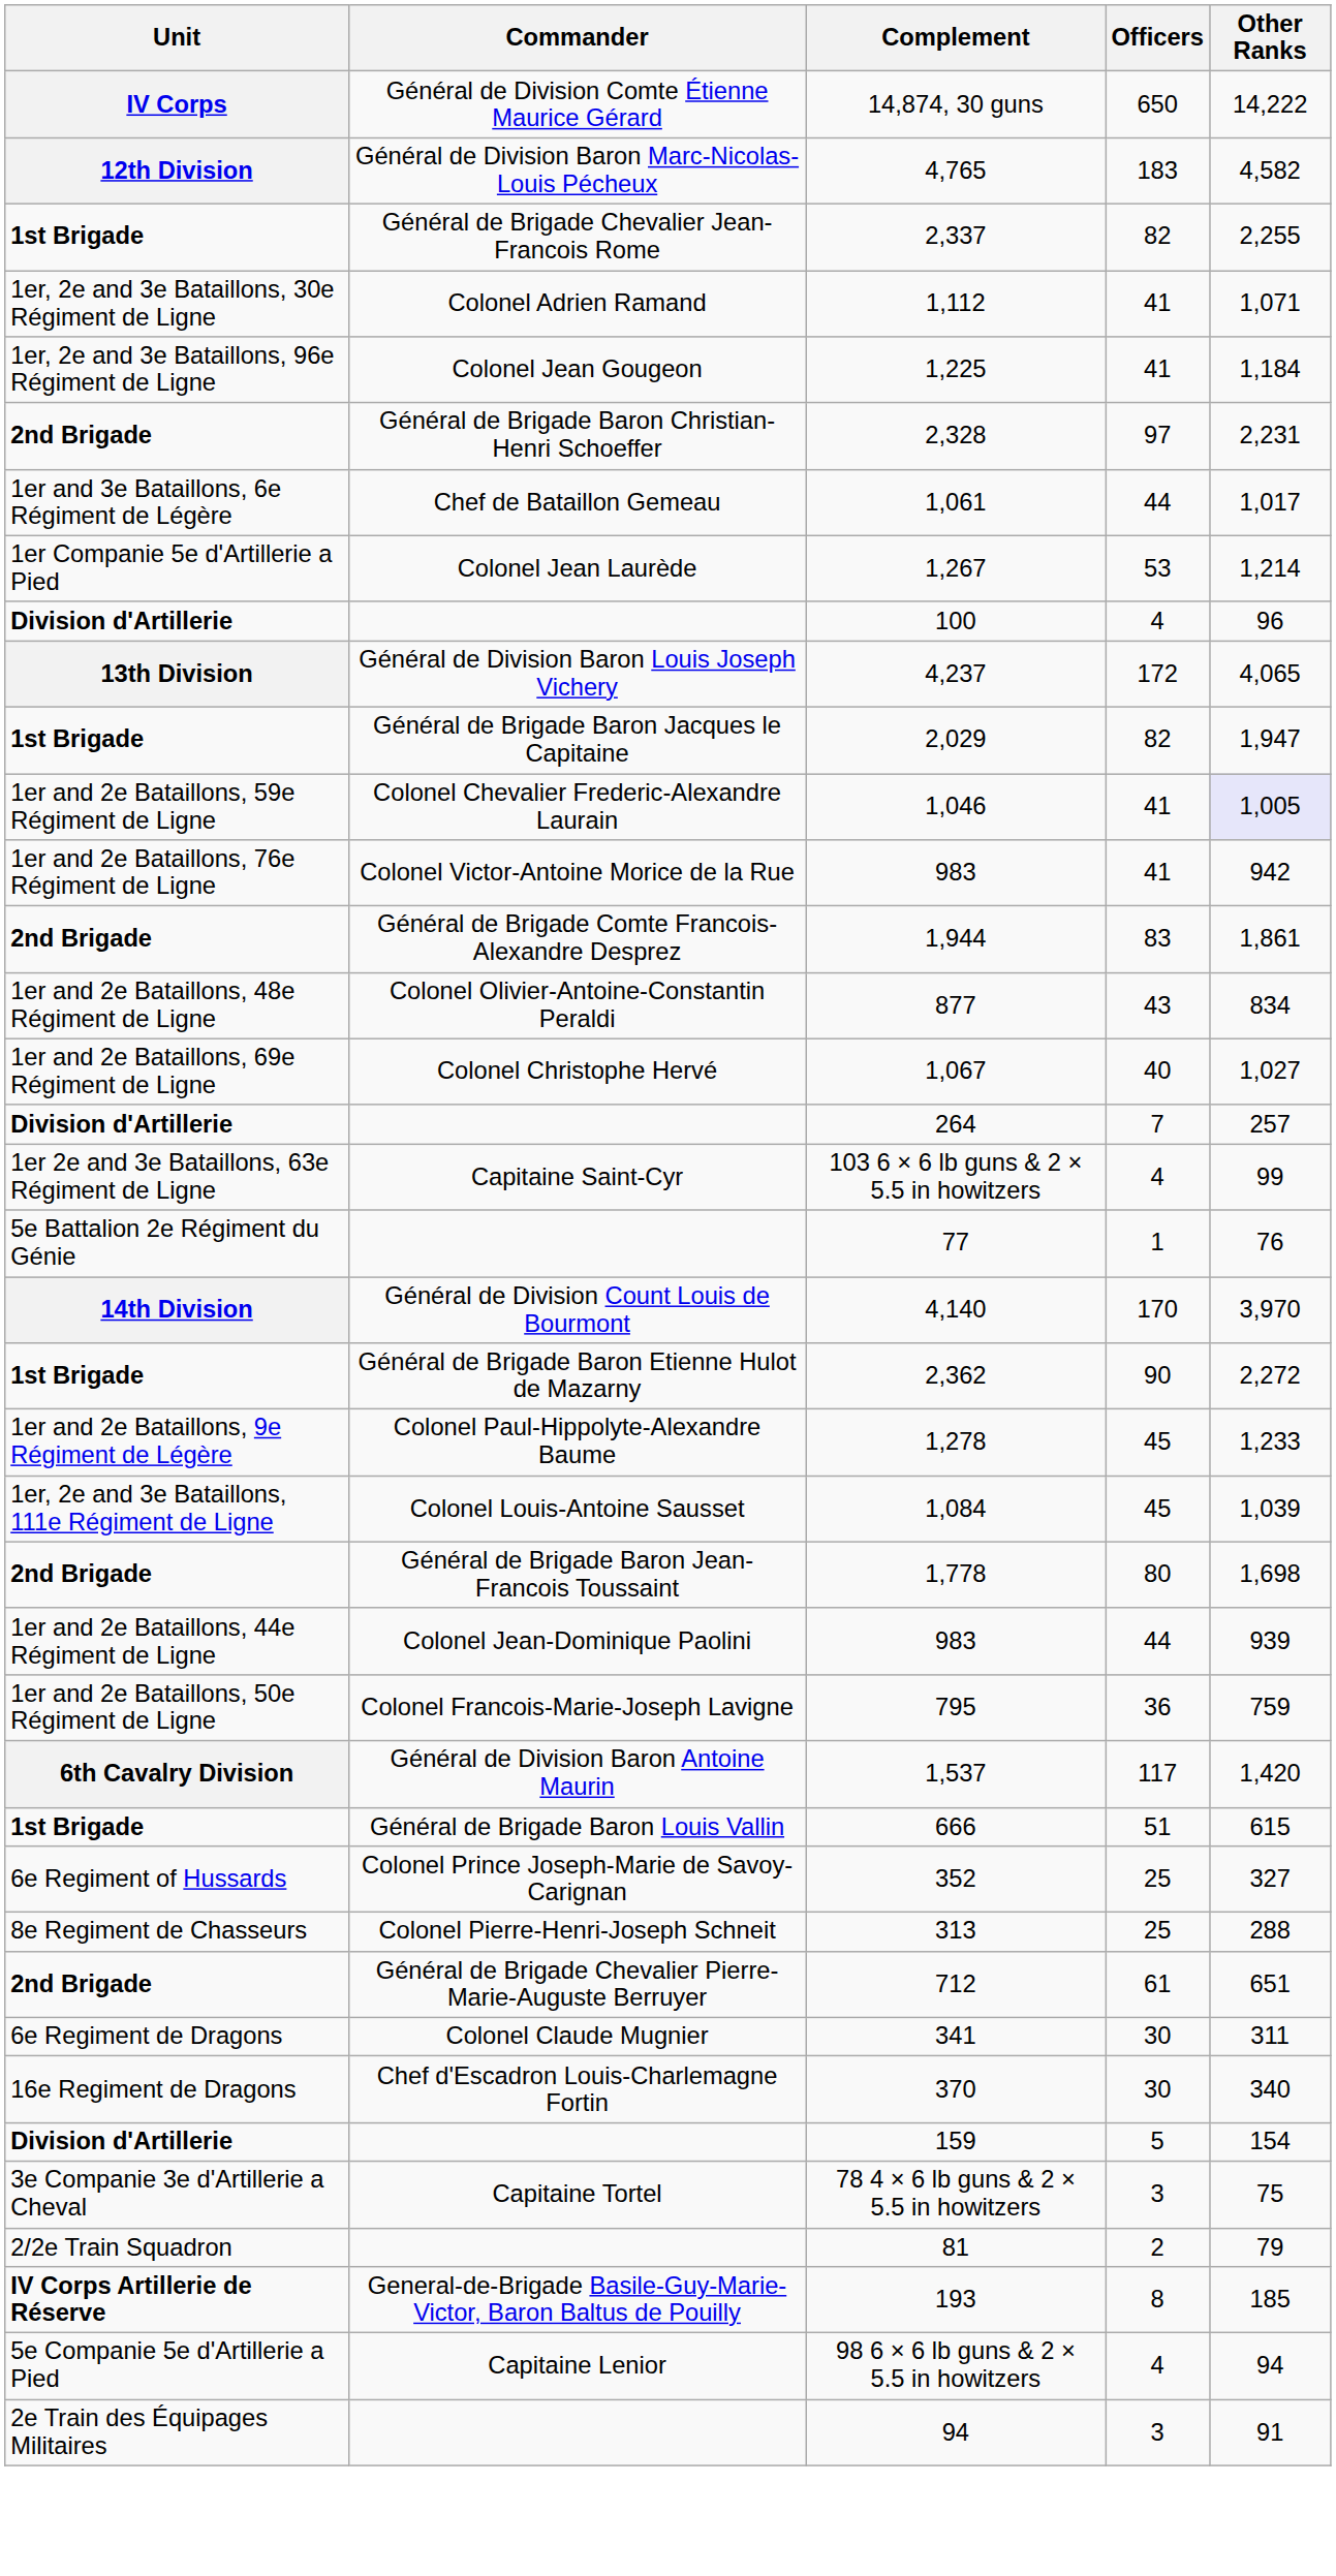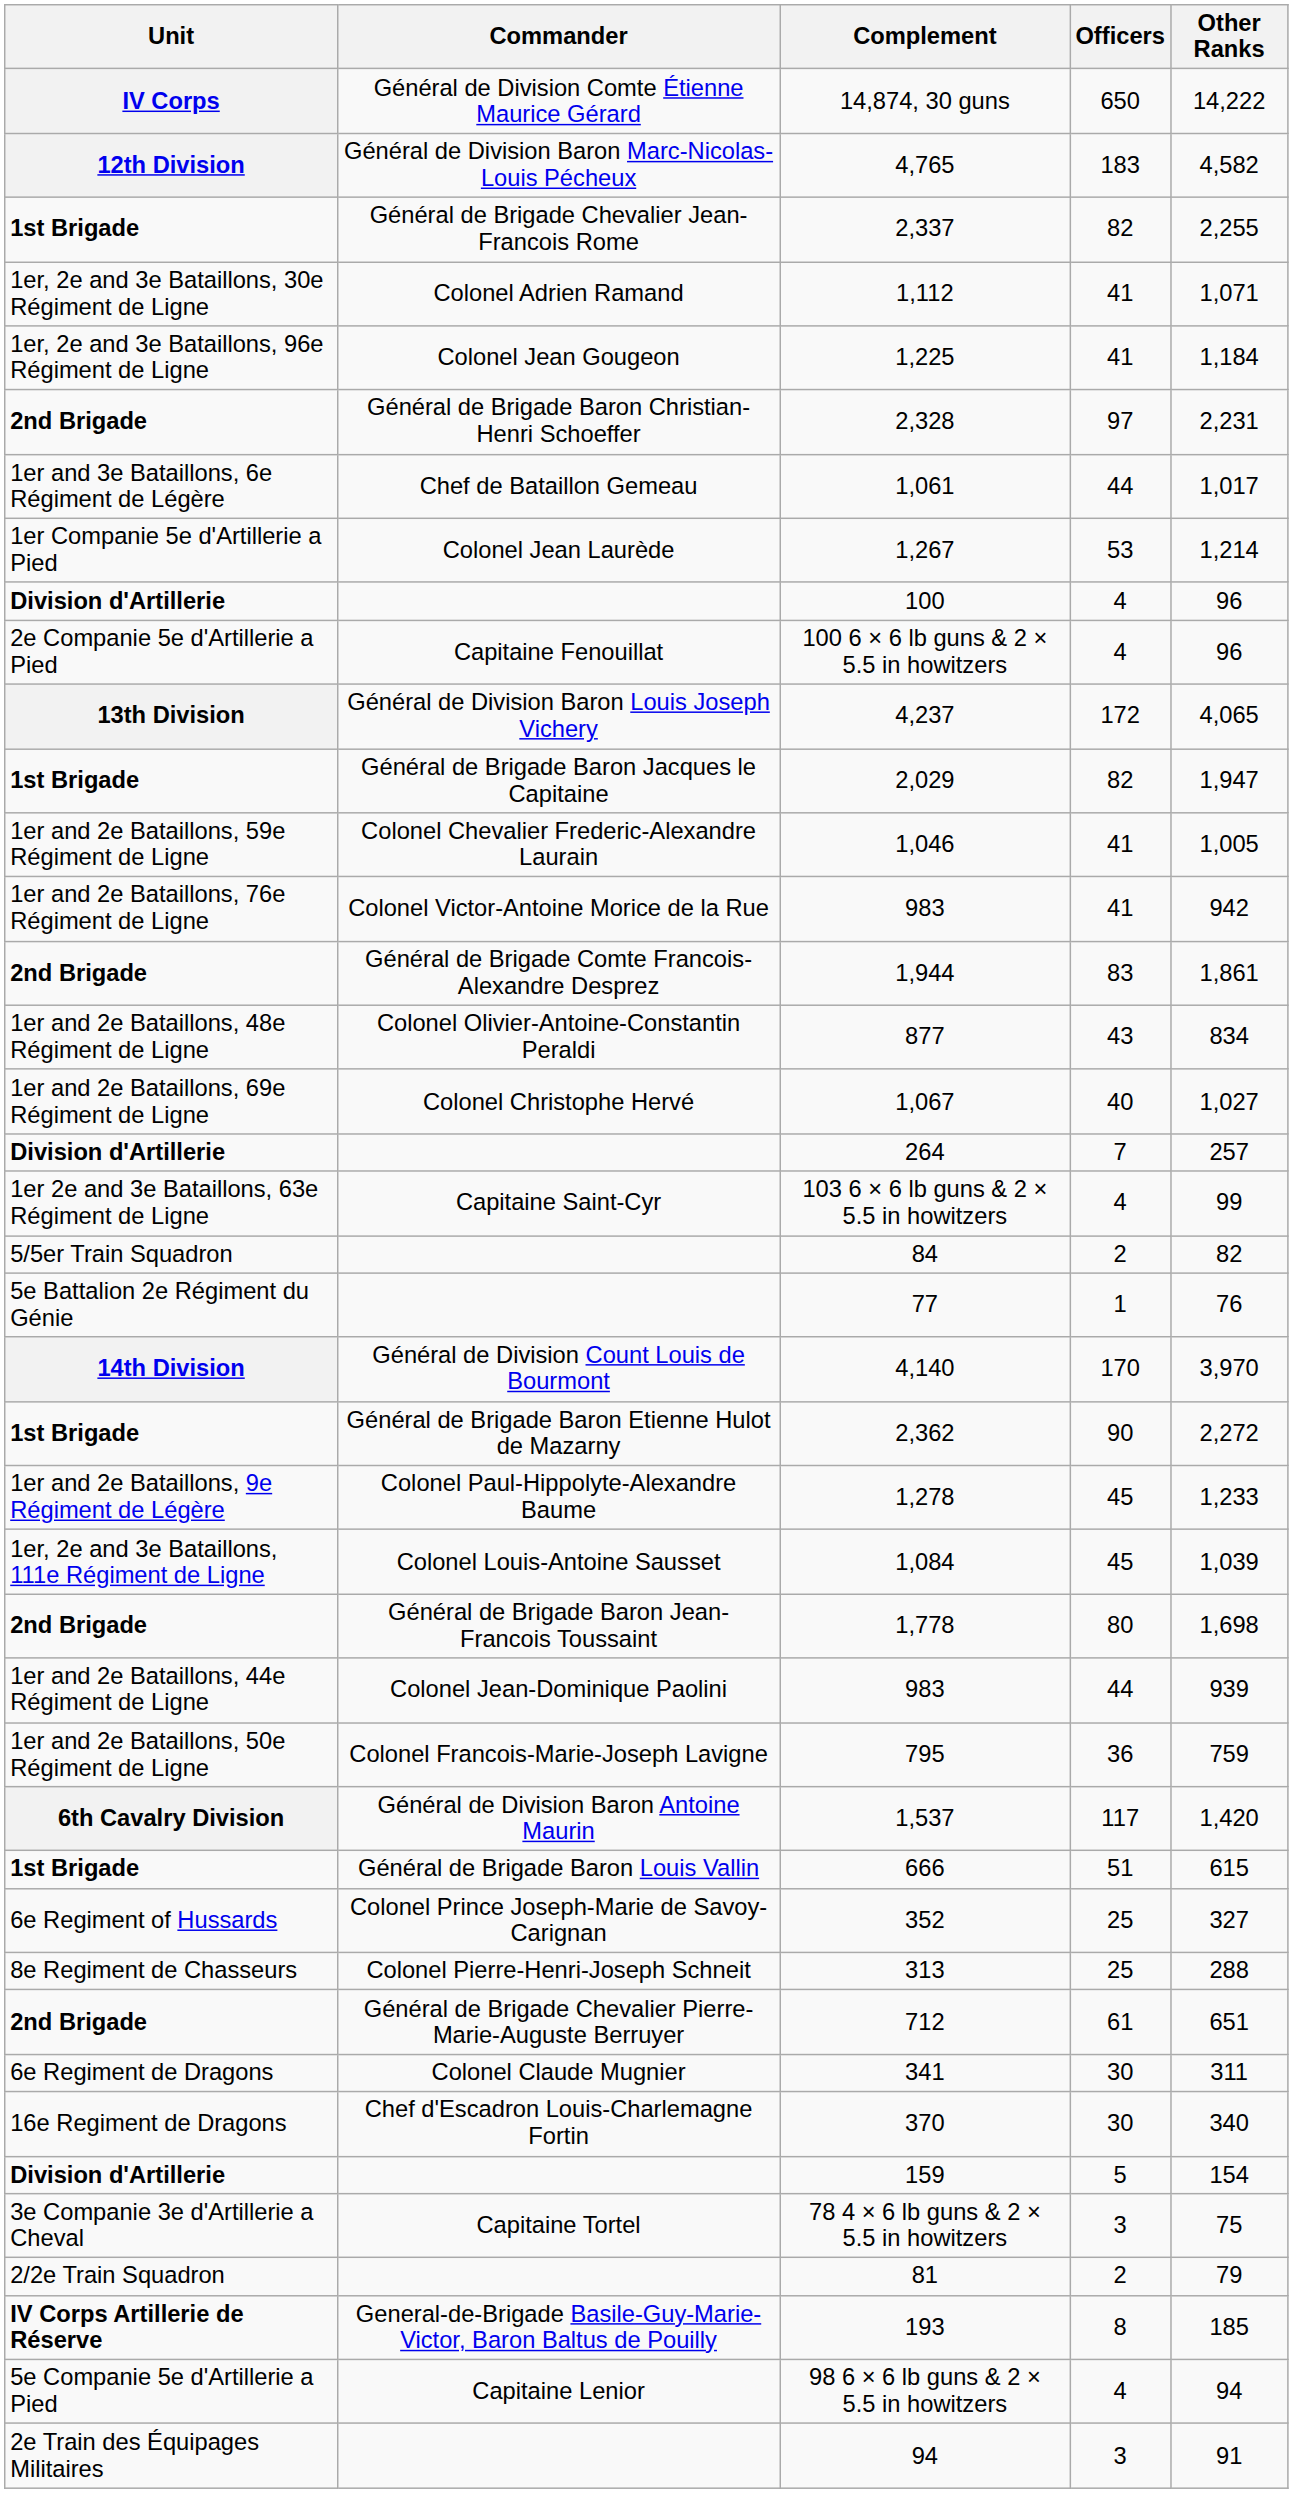 <table class="wikitable">
 <tr>
 <th>Unit</th>
 <th>Commander</th>
 <th>Complement</th>
 <th>Officers</th>
 <th>Other Ranks</th>
 </tr>
 <tr>
 <th colspan="1" bgcolor="#f9f9f9;"><a href='#'>IV Corps</a></th>
 <td align="center">Général de Division Comte <a href='#'>Étienne Maurice Gérard</a></td>
 <td align="center">14,874, 30 guns</td>
 <td align="center">650</td>
 <td align="center">14,222</td>
 </tr>
 <tr>
 <th colspan="1" bgcolor="#f9f9f9;"><a href='#'>12th Division</a></th>
 <td align="center">Général de Division Baron <a href='#'>Marc-Nicolas-Louis Pécheux</a></td>
 <td align="center">4,765</td>
 <td align="center">183</td>
 <td align="center">4,582</td>
 </tr>
 <tr>
 <td><strong>1st Brigade</strong></td>
 <td align="center">Général de Brigade Chevalier Jean-Francois Rome</td>
 <td align="center">2,337</td>
 <td align="center">82</td>
 <td align="center">2,255</td>
 </tr>
 <tr>
 <td>1er, 2e and 3e Bataillons, 30e Régiment de Ligne</td>
 <td align="center">Colonel Adrien Ramand</td>
 <td align="center">1,112</td>
 <td align="center">41</td>
 <td align="center">1,071</td>
 </tr>
 <tr>
 <td>1er, 2e and 3e Bataillons, 96e Régiment de Ligne</td>
 <td align="center">Colonel Jean Gougeon</td>
 <td align="center">1,225</td>
 <td align="center">41</td>
 <td align="center">1,184</td>
 </tr>
 <tr>
 <td><strong>2nd Brigade</strong></td>
 <td align="center">Général de Brigade Baron Christian-Henri Schoeffer</td>
 <td align="center">2,328</td>
 <td align="center">97</td>
 <td align="center">2,231</td>
 </tr>
 <tr>
 <td>1er and 3e Bataillons, 6e Régiment de Légère</td>
 <td align="center">Chef de Bataillon Gemeau</td>
 <td align="center">1,061</td>
 <td align="center">44</td>
 <td align="center">1,017</td>
 </tr>
 <tr>
 <td>1er Companie 5e d'Artillerie a Pied</td>
 <td align="center">Colonel Jean Laurède</td>
 <td align="center">1,267</td>
 <td align="center">53</td>
 <td align="center">1,214</td>
 </tr>
 <tr>
 <td><strong>Division d'Artillerie</strong></td>
 <td align="center"></td>
 <td align="center">100</td>
 <td align="center">4</td>
 <td align="center">96</td>
 </tr>
 <tr>
+<td>2e Companie 5e d'Artillerie a Pied</td>
+<td align="center">Capitaine Fenouillat</td>
+<td align="center">100 6 × 6 lb guns & 2 × 5.5 in howitzers</td>
+<td align="center">4</td>
+<td align="center">96</td>
+</tr>
+<tr>
 <th colspan="1" bgcolor="#f9f9f9;">13th Division</th>
 <td align="center">Général de Division Baron <a href='#'>Louis Joseph Vichery</a></td>
 <td align="center">4,237</td>
 <td align="center">172</td>
 <td align="center">4,065</td>
 </tr>
 <tr>
 <td><strong>1st Brigade</strong></td>
 <td align="center">Général de Brigade Baron Jacques le Capitaine</td>
 <td align="center">2,029</td>
 <td align="center">82</td>
 <td align="center">1,947</td>
 </tr>
 <tr>
 <td>1er and 2e Bataillons, 59e Régiment de Ligne</td>
 <td align="center">Colonel Chevalier Frederic-Alexandre Laurain</td>
 <td align="center">1,046</td>
 <td align="center">41</td>
-<td align="center" style="background: lavender;">1,005</td>
+<td align="center">1,005</td>
 </tr>
 <tr>
 <td>1er and 2e Bataillons, 76e Régiment de Ligne</td>
 <td align="center">Colonel Victor-Antoine Morice de la Rue</td>
 <td align="center">983</td>
 <td align="center">41</td>
 <td align="center">942</td>
 </tr>
 <tr>
 <td><strong>2nd Brigade</strong></td>
 <td align="center">Général de Brigade Comte Francois-Alexandre Desprez</td>
 <td align="center">1,944</td>
 <td align="center">83</td>
 <td align="center">1,861</td>
 </tr>
 <tr>
 <td>1er and 2e Bataillons, 48e Régiment de Ligne</td>
 <td align="center">Colonel Olivier-Antoine-Constantin Peraldi</td>
 <td align="center">877</td>
 <td align="center">43</td>
 <td align="center">834</td>
 </tr>
 <tr>
 <td>1er and 2e Bataillons, 69e Régiment de Ligne</td>
 <td align="center">Colonel Christophe Hervé</td>
 <td align="center">1,067</td>
 <td align="center">40</td>
 <td align="center">1,027</td>
 </tr>
 <tr>
 <td><strong>Division d'Artillerie</strong></td>
 <td align="center"></td>
 <td align="center">264</td>
 <td align="center">7</td>
 <td align="center">257</td>
 </tr>
 <tr>
 <td>1er 2e and 3e Bataillons, 63e Régiment de Ligne</td>
 <td align="center">Capitaine Saint-Cyr</td>
 <td align="center">103 6 × 6 lb guns & 2 × 5.5 in howitzers</td>
 <td align="center">4</td>
 <td align="center">99</td>
+</tr>
+<tr>
+<td>5/5er Train Squadron</td>
+<td align="center"></td>
+<td align="center">84</td>
+<td align="center">2</td>
+<td align="center">82</td>
 </tr>
 <tr>
 <td>5e Battalion 2e Régiment du Génie</td>
 <td align="center"></td>
 <td align="center">77</td>
 <td align="center">1</td>
 <td align="center">76</td>
 </tr>
 <tr>
 <th colspan="1" bgcolor="#f9f9f9;"><a href='#'>14th Division</a></th>
 <td align="center">Général de Division <a href='#'>Count Louis de Bourmont</a></td>
 <td align="center">4,140</td>
 <td align="center">170</td>
 <td align="center">3,970</td>
 </tr>
 <tr>
 <td><strong>1st Brigade</strong></td>
 <td align="center">Général de Brigade Baron Etienne Hulot de Mazarny</td>
 <td align="center">2,362</td>
 <td align="center">90</td>
 <td align="center">2,272</td>
 </tr>
 <tr>
 <td>1er and 2e Bataillons, <a href='#'>9e Régiment de Légère</a></td>
 <td align="center">Colonel Paul-Hippolyte-Alexandre Baume</td>
 <td align="center">1,278</td>
 <td align="center">45</td>
 <td align="center">1,233</td>
 </tr>
 <tr>
 <td>1er, 2e and 3e Bataillons, <a href='#'>111e Régiment de Ligne</a></td>
 <td align="center">Colonel Louis-Antoine Sausset</td>
 <td align="center">1,084</td>
 <td align="center">45</td>
 <td align="center">1,039</td>
 </tr>
 <tr>
 <td><strong>2nd Brigade</strong></td>
 <td align="center">Général de Brigade Baron Jean-Francois Toussaint</td>
 <td align="center">1,778</td>
 <td align="center">80</td>
 <td align="center">1,698</td>
 </tr>
 <tr>
 <td>1er and 2e Bataillons, 44e Régiment de Ligne</td>
 <td align="center">Colonel Jean-Dominique Paolini</td>
 <td align="center">983</td>
 <td align="center">44</td>
 <td align="center">939</td>
 </tr>
 <tr>
 <td>1er and 2e Bataillons, 50e Régiment de Ligne</td>
 <td align="center">Colonel Francois-Marie-Joseph Lavigne</td>
 <td align="center">795</td>
 <td align="center">36</td>
 <td align="center">759</td>
 </tr>
 <tr>
 <th colspan="1" bgcolor="#f9f9f9;">6th Cavalry Division</th>
 <td align="center">Général de Division Baron <a href='#'>Antoine Maurin</a></td>
 <td align="center">1,537</td>
 <td align="center">117</td>
 <td align="center">1,420</td>
 </tr>
 <tr>
 <td><strong>1st Brigade</strong></td>
 <td align="center">Général de Brigade Baron <a href='#'>Louis Vallin</a></td>
 <td align="center">666</td>
 <td align="center">51</td>
 <td align="center">615</td>
 </tr>
 <tr>
 <td>6e Regiment of <a href='#'>Hussards</a></td>
 <td align="center">Colonel Prince Joseph-Marie de Savoy-Carignan</td>
 <td align="center">352</td>
 <td align="center">25</td>
 <td align="center">327</td>
 </tr>
 <tr>
 <td>8e Regiment de Chasseurs</td>
 <td align="center">Colonel Pierre-Henri-Joseph Schneit</td>
 <td align="center">313</td>
 <td align="center">25</td>
 <td align="center">288</td>
 </tr>
 <tr>
 <td><strong>2nd Brigade</strong></td>
 <td align="center">Général de Brigade Chevalier Pierre-Marie-Auguste Berruyer</td>
 <td align="center">712</td>
 <td align="center">61</td>
 <td align="center">651</td>
 </tr>
 <tr>
 <td>6e Regiment de Dragons</td>
 <td align="center">Colonel Claude Mugnier</td>
 <td align="center">341</td>
 <td align="center">30</td>
 <td align="center">311</td>
 </tr>
 <tr>
 <td>16e Regiment de Dragons</td>
 <td align="center">Chef d'Escadron Louis-Charlemagne Fortin</td>
 <td align="center">370</td>
 <td align="center">30</td>
 <td align="center">340</td>
 </tr>
 <tr>
 <td><strong>Division d'Artillerie</strong></td>
 <td align="center"></td>
 <td align="center">159</td>
 <td align="center">5</td>
 <td align="center">154</td>
 </tr>
 <tr>
 <td>3e Companie 3e d'Artillerie a Cheval</td>
 <td align="center">Capitaine Tortel</td>
 <td align="center">78 4 × 6 lb guns & 2 × 5.5 in howitzers</td>
 <td align="center">3</td>
 <td align="center">75</td>
 </tr>
 <tr>
 <td>2/2e Train Squadron</td>
 <td align="center"></td>
 <td align="center">81</td>
 <td align="center">2</td>
 <td align="center">79</td>
 </tr>
 <tr>
 <td><strong>IV Corps Artillerie de Réserve</strong></td>
 <td align="center">General-de-Brigade <a href='#'>Basile-Guy-Marie-Victor, Baron Baltus de Pouilly</a></td>
 <td align="center">193</td>
 <td align="center">8</td>
 <td align="center">185</td>
 </tr>
 <tr>
 <td>5e Companie 5e d'Artillerie a Pied</td>
 <td align="center">Capitaine Lenior</td>
 <td align="center">98 6 × 6 lb guns & 2 × 5.5 in howitzers</td>
 <td align="center">4</td>
 <td align="center">94</td>
 </tr>
 <tr>
 <td>2e Train des Équipages Militaires</td>
 <td align="center"></td>
 <td align="center">94</td>
 <td align="center">3</td>
 <td align="center">91</td>
 </tr>
 </table>
